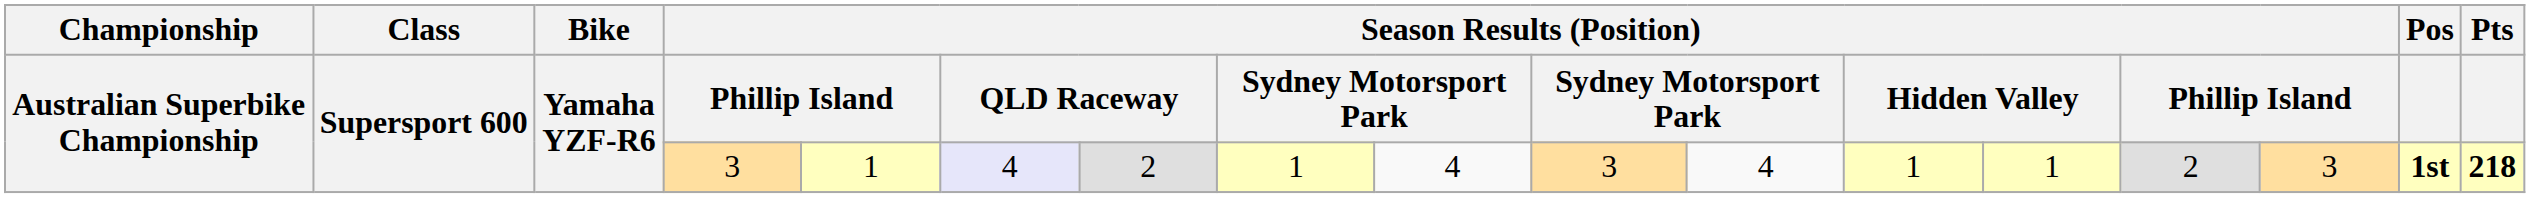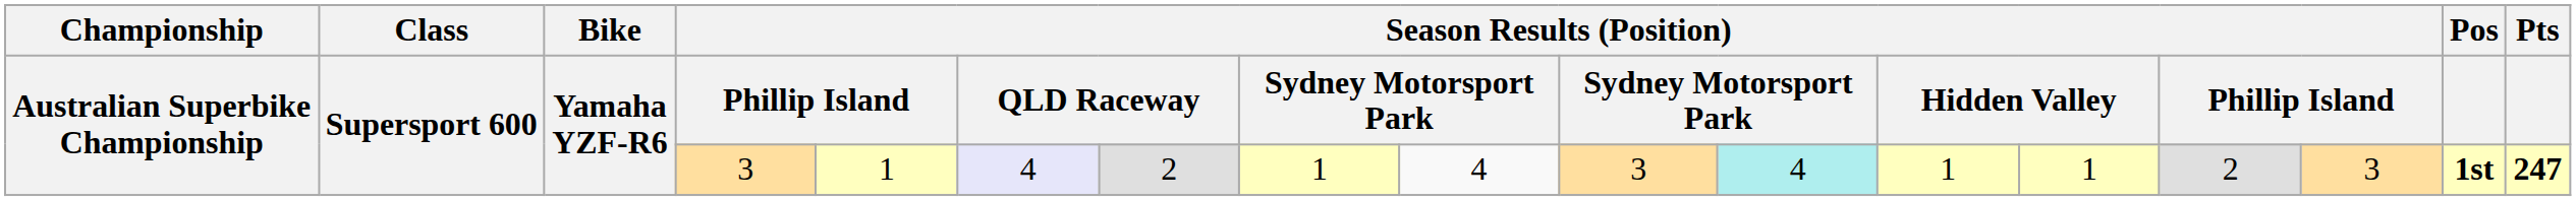 <table class="wikitable" style="text-align:center">
 <tr>
 <th>Championship</th>
 <th>Class</th>
 <th>Bike</th>
 <th colspan=12>Season Results (Position)</th>
 <th>Pos</th>
 <th>Pts</th>
 </tr>
 <tr>
 <th rowspan=2>Australian Superbike <br> Championship</th>
 <th rowspan=2>Supersport 600</th>
 <th rowspan=2>Yamaha <br> YZF-R6</th>
 <th colspan=2 width="132pt">Phillip Island</th>
 <th colspan=2 width="132pt">QLD Raceway</th>
 <th colspan=2 width="150pt">Sydney Motorsport Park</th>
 <th colspan=2 width="150pt">Sydney Motorsport Park</th>
 <th colspan=2 width="132pt">Hidden Valley</th>
 <th colspan=2 width="132pt">Phillip Island</th>
 <th></th>
 <th></th>
 </tr>
 <tr>
 <td style="background:#ffdf9f;">3</td>
 <td style="background:#ffffbf;">1</td>
 <td style="background: lavender;">4</td>
 <td style="background:#dfdfdf;">2</td>
 <td style="background:#ffffbf;">1</td>
 <td>4</td>
 <td style="background:#ffdf9f;">3</td>
-<td>4</td>
+<td style="background: paleturquoise;">4</td>
 <td style="background:#ffffbf;">1</td>
 <td style="background:#ffffbf;">1</td>
 <td style="background:#dfdfdf;">2</td>
 <td style="background:#ffdf9f;">3</td>
 <th style="background:#ffffbf;">1st</th>
-<th style="background:#ffffbf;">218</th>
+<th style="background:#ffffbf;">247</th>
 </tr>
 </table>
